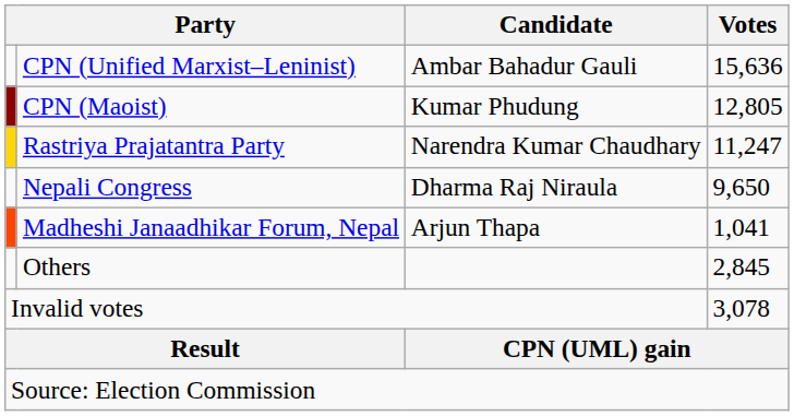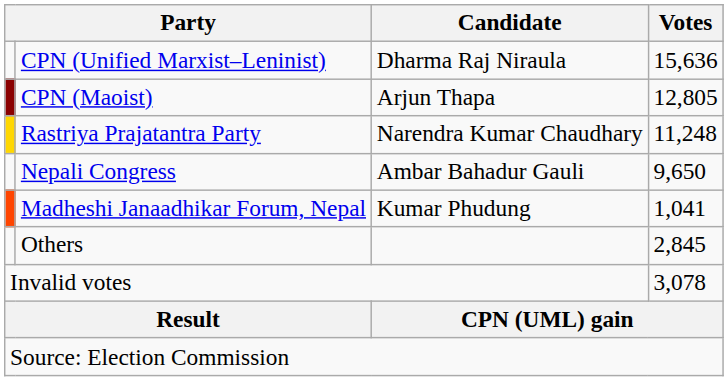 <table class="wikitable">
 <tr>
 <th colspan="2">Party</th>
 <th>Candidate</th>
 <th>Votes</th>
 </tr>
 <tr>
 <td style="background-color:"></td>
 <td><a href='#'>CPN (Unified Marxist–Leninist)</a></td>
-<td>Ambar Bahadur Gauli</td>
+<td>Dharma Raj Niraula</td>
 <td>15,636</td>
 </tr>
 <tr>
 <td style="background-color:darkred"></td>
 <td><a href='#'>CPN (Maoist)</a></td>
-<td>Kumar Phudung</td>
+<td>Arjun Thapa</td>
 <td>12,805</td>
 </tr>
 <tr>
 <td style="background-color:gold"></td>
 <td><a href='#'>Rastriya Prajatantra Party</a></td>
 <td>Narendra Kumar Chaudhary</td>
-<td>11,247</td>
+<td>11,248</td>
 </tr>
 <tr>
 <td style="background-color:"></td>
 <td><a href='#'>Nepali Congress</a></td>
-<td>Dharma Raj Niraula</td>
+<td>Ambar Bahadur Gauli</td>
 <td>9,650</td>
 </tr>
 <tr>
 <td style="background-color:orangered"></td>
 <td><a href='#'>Madheshi Janaadhikar Forum, Nepal</a></td>
-<td>Arjun Thapa</td>
+<td>Kumar Phudung</td>
 <td>1,041</td>
 </tr>
 <tr>
 <td></td>
 <td>Others</td>
 <td></td>
 <td>2,845</td>
 </tr>
 <tr>
 <td colspan="3">Invalid votes</td>
 <td>3,078</td>
 </tr>
 <tr>
 <th colspan="2">Result</th>
 <th colspan="2">CPN (UML) gain</th>
 </tr>
 <tr>
 <td colspan="4">Source: Election Commission</td>
 </tr>
 </table>
